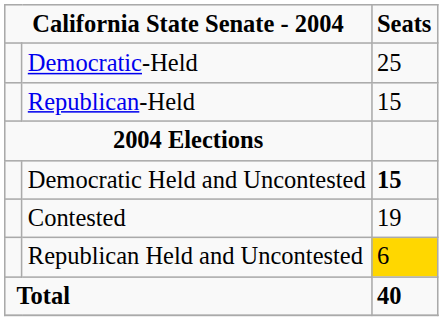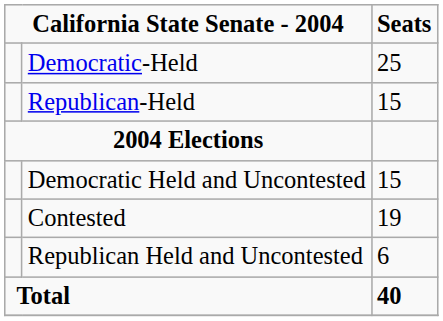 <table class="wikitable">
 <tr>
 <td colspan="2" rowspan="1" align="center" valign="top"><strong>California State Senate - 2004</strong></td>
 <td style="vertical-align:top;"><strong>Seats</strong><br></td>
 </tr>
 <tr>
 <td style="background-color:"> </td>
 <td><a href='#'>Democratic</a>-Held</td>
 <td>25</td>
 </tr>
 <tr>
 <td style="background-color:"> </td>
 <td><a href='#'>Republican</a>-Held</td>
 <td>15</td>
 </tr>
 <tr>
 <td colspan="2" rowspan="1" align="center"><strong>2004 Elections</strong></td>
 </tr>
 <tr>
 <td style="background-color:"> </td>
 <td>Democratic Held and Uncontested</td>
-<td><strong>15</strong></td>
+<td>15</td>
 </tr>
 <tr>
 <td style="background-color:"> </td>
 <td>Contested</td>
 <td>19</td>
 </tr>
 <tr>
 <td style="background-color:"> </td>
 <td>Republican Held and Uncontested</td>
-<td style="background: gold;">6</td>
+<td>6</td>
 </tr>
 <tr>
 <td colspan="2" rowspan="1"> <strong>Total</strong><br></td>
 <td><strong>40</strong></td>
 </tr>
 <tr>
 </tr>
 </table>
